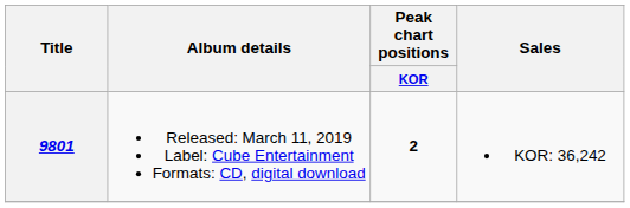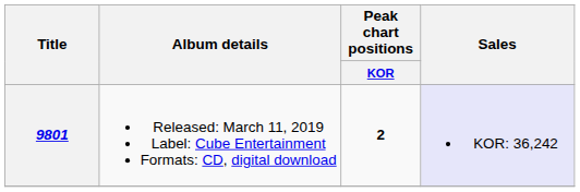 <table class="wikitable plainrowheaders" style="text-align:center;">
 <tr>
 <th scope="col" rowspan="2" style="width:6em;">Title</th>
 <th scope="col" rowspan="2" style="width:16em;">Album details</th>
 <th scope="col" colspan="1" style="width:5em;">Peak chart positions</th>
 <th scope="col" rowspan="2" style="width:10em;">Sales</th>
 </tr>
 <tr>
 <th><small><a href='#'>KOR</a></small><br></th>
 </tr>
 <tr>
 <th scope="row"><em><a href='#'>9801</a></em></th>
 <td><br><ul><li>Released: March 11, 2019</li><li>Label: <a href='#'>Cube Entertainment</a></li><li>Formats: <a href='#'>CD</a>, <a href='#'>digital download</a></li></ul></td>
 <td><strong>2</strong></td>
-<td><br><ul><li>KOR: 36,242</li></ul></td>
+<td style="background: lavender;"><br><ul><li>KOR: 36,242</li></ul></td>
 </tr>
 <tr>
 </tr>
 </table>
